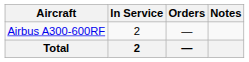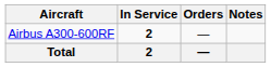 <table class="wikitable" style="margin:0.5em auto; text-align:center">
 <tr>
 <th>Aircraft</th>
 <th>In Service</th>
 <th>Orders</th>
 <th>Notes</th>
 </tr>
 <tr>
 <td><a href='#'>Airbus A300-600RF</a></td>
-<td align="center">2</td>
+<td align="center"><strong>2</strong></td>
 <td>—</td>
 <td></td>
 </tr>
 <tr>
 <th>Total</th>
 <th>2</th>
 <th>—</th>
 <th colspan="2"></th>
 </tr>
 </table>
